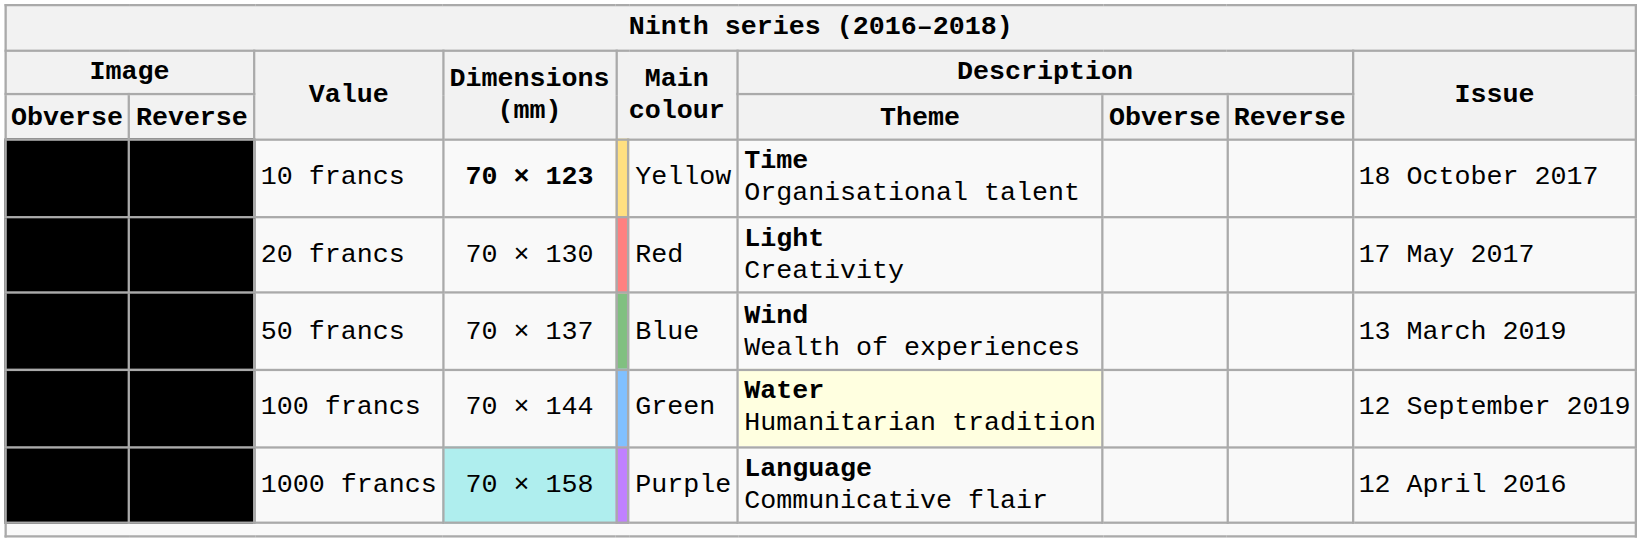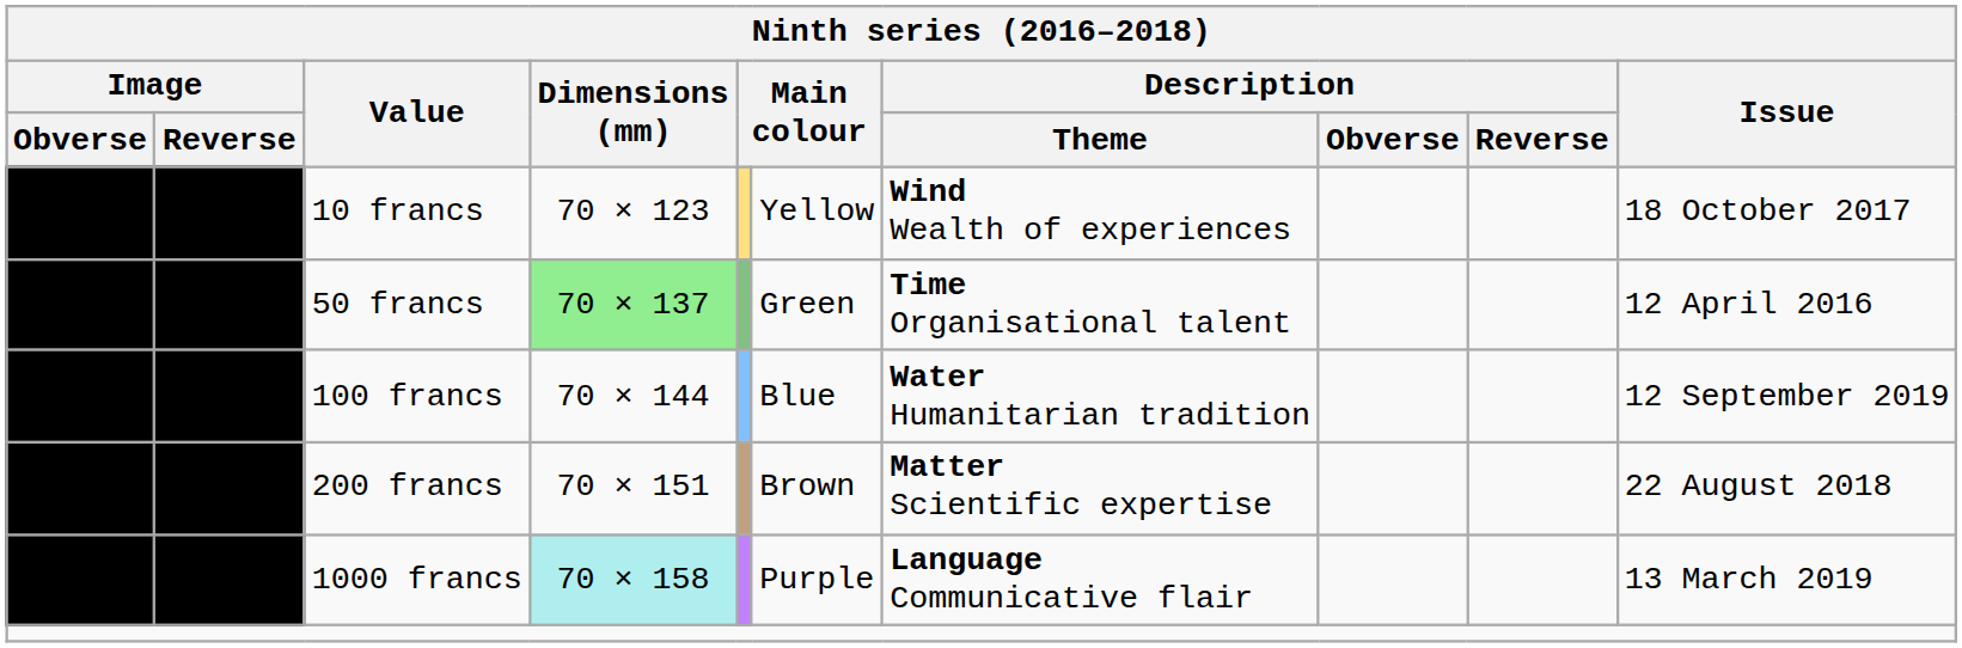 <table class="wikitable" style="margin:auto; font-size:90%; border-width:1px;">
 <tr>
 <th colspan=10>Ninth series (2016–2018)<br></th>
 </tr>
 <tr>
 <th colspan=2>Image</th>
 <th rowspan=2>Value</th>
 <th rowspan=2>Dimensions<br>(mm)</th>
 <th rowspan=2 colspan=2>Main<br>colour</th>
 <th colspan=3>Description</th>
 <th rowspan=2>Issue</th>
 </tr>
 <tr>
 <th>Obverse</th>
 <th>Reverse</th>
 <th>Theme<br></th>
 <th>Obverse<br></th>
 <th>Reverse<br></th>
 </tr>
 <tr>
 <td style="background:#000; align:center;"></td>
 <td style="background:#000; align:center;"></td>
 <td>10 francs</td>
-<td align=center><strong>70 × 123</strong></td>
+<td align=center>70 × 123</td>
 <td style="background:#FFE080;"></td>
 <td>Yellow</td>
-<td><strong>Time</strong><br>Organisational talent</td>
+<td><strong>Wind</strong><br>Wealth of experiences</td>
 <td></td>
 <td></td>
 <td>18 October 2017</td>
 </tr>
 <tr>
 <td style="background:#000; align:center;"></td>
 <td style="background:#000; align:center;"></td>
-<td>20 francs</td>
-<td align=center>70 × 130</td>
-<td style="background:#FF8080;"></td>
-<td>Red</td>
-<td><strong>Light</strong><br>Creativity</td>
+<td>50 francs</td>
+<td align=center style="background: lightgreen;">70 × 137</td>
+<td style="background:#80C080;"></td>
+<td>Green</td>
+<td><strong>Time</strong><br>Organisational talent</td>
 <td></td>
 <td></td>
-<td>17 May 2017</td>
-</tr>
-<tr>
-<td style="background:#000; align:center;"></td>
-<td style="background:#000; align:center;"></td>
-<td>50 francs</td>
-<td align=center>70 × 137</td>
-<td style="background:#80C080;"></td>
-<td>Blue</td>
-<td><strong>Wind</strong><br>Wealth of experiences</td>
-<td></td>
-<td></td>
-<td>13 March 2019</td>
+<td>12 April 2016</td>
 </tr>
 <tr>
 <td style="background:#000; align:center;"></td>
 <td style="background:#000; align:center;"></td>
 <td>100 francs</td>
 <td align=center>70 × 144</td>
 <td style="background:#80C0FF;"></td>
-<td>Green</td>
-<td style="background: lightyellow;"><strong>Water</strong><br>Humanitarian tradition</td>
+<td>Blue</td>
+<td><strong>Water</strong><br>Humanitarian tradition</td>
 <td></td>
 <td></td>
 <td>12 September 2019</td>
+</tr>
+<tr>
+<td style="background:#000; align:center;"></td>
+<td style="background:#000; align:center;"></td>
+<td>200 francs</td>
+<td align=center>70 × 151</td>
+<td style="background:#C0A080;"></td>
+<td>Brown</td>
+<td><strong>Matter</strong><br>Scientific expertise</td>
+<td></td>
+<td></td>
+<td>22 August 2018</td>
 </tr>
 <tr>
 <td style="background:#000; align:center;"></td>
 <td style="background:#000; align:center;"></td>
 <td>1000 francs</td>
 <td align=center style="background: paleturquoise;">70 × 158</td>
 <td style="background:#C080FF;"></td>
 <td>Purple</td>
 <td><strong>Language</strong><br>Communicative flair</td>
 <td></td>
 <td></td>
-<td>12 April 2016</td>
+<td>13 March 2019</td>
 </tr>
 <tr>
 <td colspan=10></td>
 </tr>
 </table>
